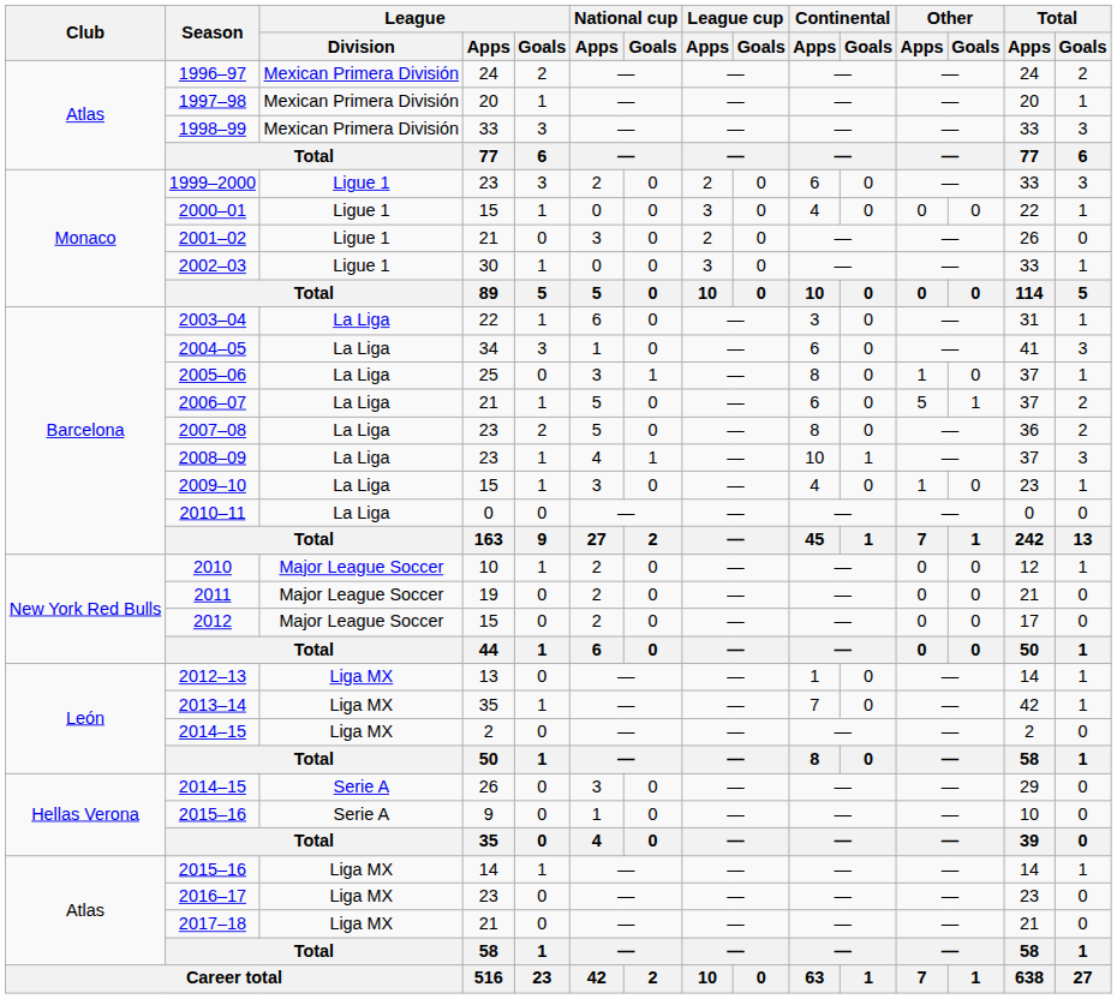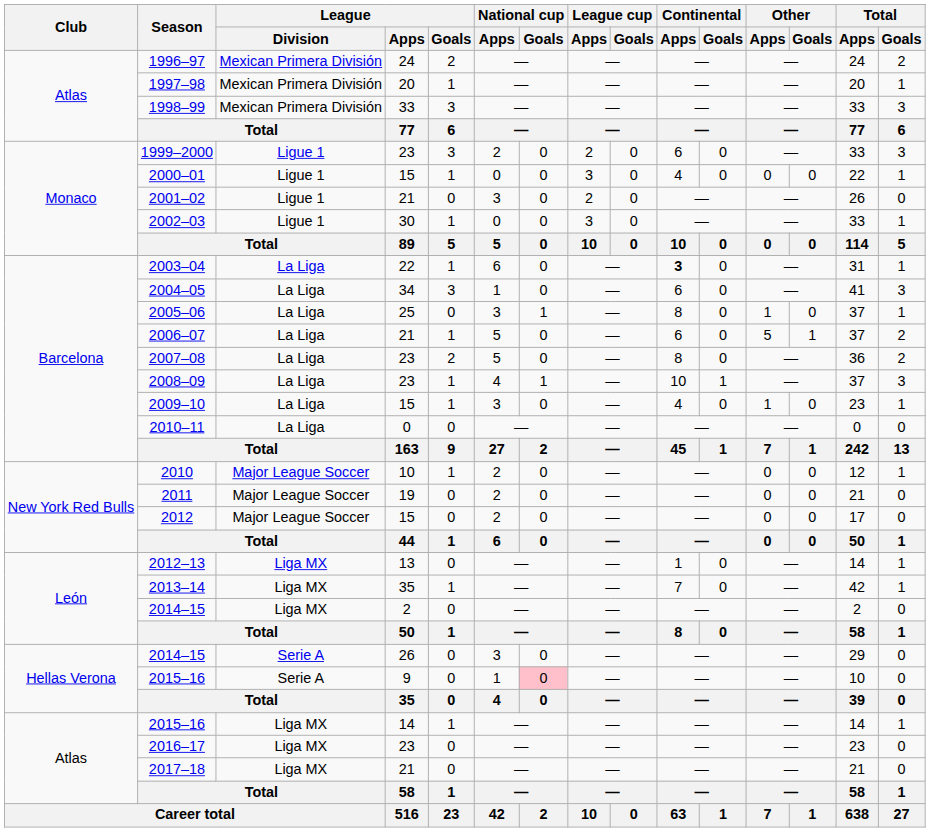 <table class="wikitable" style="text-align:center">
 <tr>
 <th rowspan=2>Club</th>
 <th rowspan=2>Season</th>
 <th colspan=3>League</th>
 <th colspan=2>National cup</th>
 <th colspan=2>League cup</th>
 <th colspan=2>Continental</th>
 <th colspan=2>Other</th>
 <th colspan=2>Total</th>
 </tr>
 <tr>
 <th>Division</th>
 <th>Apps</th>
 <th>Goals</th>
 <th>Apps</th>
 <th>Goals</th>
 <th>Apps</th>
 <th>Goals</th>
 <th>Apps</th>
 <th>Goals</th>
 <th>Apps</th>
 <th>Goals</th>
 <th>Apps</th>
 <th>Goals</th>
 </tr>
 <tr>
 <td rowspan=4><a href='#'>Atlas</a></td>
 <td><a href='#'>1996–97</a></td>
 <td><a href='#'>Mexican Primera División</a></td>
 <td>24</td>
 <td>2</td>
 <td colspan=2>—</td>
 <td colspan=2>—</td>
 <td colspan=2>—</td>
 <td colspan=2>—</td>
 <td>24</td>
 <td>2</td>
 </tr>
 <tr>
 <td><a href='#'>1997–98</a></td>
 <td>Mexican Primera División</td>
 <td>20</td>
 <td>1</td>
 <td colspan=2>—</td>
 <td colspan=2>—</td>
 <td colspan=2>—</td>
 <td colspan=2>—</td>
 <td>20</td>
 <td>1</td>
 </tr>
 <tr>
 <td><a href='#'>1998</a><a href='#'>–99</a></td>
 <td>Mexican Primera División</td>
 <td>33</td>
 <td>3</td>
 <td colspan=2>—</td>
 <td colspan=2>—</td>
 <td colspan=2>—</td>
 <td colspan=2>—</td>
 <td>33</td>
 <td>3</td>
 </tr>
 <tr>
 <th colspan=2>Total</th>
 <th>77</th>
 <th>6</th>
 <th colspan=2>—</th>
 <th colspan=2>—</th>
 <th colspan=2>—</th>
 <th colspan=2>—</th>
 <th>77</th>
 <th>6</th>
 </tr>
 <tr>
 <td rowspan=5><a href='#'>Monaco</a></td>
 <td><a href='#'>1999–2000</a></td>
 <td><a href='#'>Ligue 1</a></td>
 <td>23</td>
 <td>3</td>
 <td>2</td>
 <td>0</td>
 <td>2</td>
 <td>0</td>
 <td>6</td>
 <td>0</td>
 <td colspan=2>—</td>
 <td>33</td>
 <td>3</td>
 </tr>
 <tr>
 <td><a href='#'>2000–01</a></td>
 <td>Ligue 1</td>
 <td>15</td>
 <td>1</td>
 <td>0</td>
 <td>0</td>
 <td>3</td>
 <td>0</td>
 <td>4</td>
 <td>0</td>
 <td>0</td>
 <td>0</td>
 <td>22</td>
 <td>1</td>
 </tr>
 <tr>
 <td><a href='#'>2001–02</a></td>
 <td>Ligue 1</td>
 <td>21</td>
 <td>0</td>
 <td>3</td>
 <td>0</td>
 <td>2</td>
 <td>0</td>
 <td colspan=2>—</td>
 <td colspan=2>—</td>
 <td>26</td>
 <td>0</td>
 </tr>
 <tr>
 <td><a href='#'>2002–03</a></td>
 <td>Ligue 1</td>
 <td>30</td>
 <td>1</td>
 <td>0</td>
 <td>0</td>
 <td>3</td>
 <td>0</td>
 <td colspan=2>—</td>
 <td colspan=2>—</td>
 <td>33</td>
 <td>1</td>
 </tr>
 <tr>
 <th colspan=2>Total</th>
 <th>89</th>
 <th>5</th>
 <th>5</th>
 <th>0</th>
 <th>10</th>
 <th>0</th>
 <th>10</th>
 <th>0</th>
 <th>0</th>
 <th>0</th>
 <th>114</th>
 <th>5</th>
 </tr>
 <tr>
 <td rowspan=9><a href='#'>Barcelona</a></td>
 <td><a href='#'>2003–04</a></td>
 <td><a href='#'>La Liga</a></td>
 <td>22</td>
 <td>1</td>
 <td>6</td>
 <td>0</td>
 <td colspan=2>—</td>
-<td>3</td>
+<td><strong>3</strong></td>
 <td>0</td>
 <td colspan=2>—</td>
 <td>31</td>
 <td>1</td>
 </tr>
 <tr>
 <td><a href='#'>2004–05</a></td>
 <td>La Liga</td>
 <td>34</td>
 <td>3</td>
 <td>1</td>
 <td>0</td>
 <td colspan=2>—</td>
 <td>6</td>
 <td>0</td>
 <td colspan=2>—</td>
 <td>41</td>
 <td>3</td>
 </tr>
 <tr>
 <td><a href='#'>2005–06</a></td>
 <td>La Liga</td>
 <td>25</td>
 <td>0</td>
 <td>3</td>
 <td>1</td>
 <td colspan=2>—</td>
 <td>8</td>
 <td>0</td>
 <td>1</td>
 <td>0</td>
 <td>37</td>
 <td>1</td>
 </tr>
 <tr>
 <td><a href='#'>2006–07</a></td>
 <td>La Liga</td>
 <td>21</td>
 <td>1</td>
 <td>5</td>
 <td>0</td>
 <td colspan=2>—</td>
 <td>6</td>
 <td>0</td>
 <td>5</td>
 <td>1</td>
 <td>37</td>
 <td>2</td>
 </tr>
 <tr>
 <td><a href='#'>2007–08</a></td>
 <td>La Liga</td>
 <td>23</td>
 <td>2</td>
 <td>5</td>
 <td>0</td>
 <td colspan=2>—</td>
 <td>8</td>
 <td>0</td>
 <td colspan=2>—</td>
 <td>36</td>
 <td>2</td>
 </tr>
 <tr>
 <td><a href='#'>2008–09</a></td>
 <td>La Liga</td>
 <td>23</td>
 <td>1</td>
 <td>4</td>
 <td>1</td>
 <td colspan=2>—</td>
 <td>10</td>
 <td>1</td>
 <td colspan=2>—</td>
 <td>37</td>
 <td>3</td>
 </tr>
 <tr>
 <td><a href='#'>2009–10</a></td>
 <td>La Liga</td>
 <td>15</td>
 <td>1</td>
 <td>3</td>
 <td>0</td>
 <td colspan=2>—</td>
 <td>4</td>
 <td>0</td>
 <td>1</td>
 <td>0</td>
 <td>23</td>
 <td>1</td>
 </tr>
 <tr>
 <td><a href='#'>2010–11</a></td>
 <td>La Liga</td>
 <td>0</td>
 <td>0</td>
 <td colspan=2>—</td>
 <td colspan=2>—</td>
 <td colspan=2>—</td>
 <td colspan=2>—</td>
 <td>0</td>
 <td>0</td>
 </tr>
 <tr>
 <th colspan=2>Total</th>
 <th>163</th>
 <th>9</th>
 <th>27</th>
 <th>2</th>
 <th colspan=2>—</th>
 <th>45</th>
 <th>1</th>
 <th>7</th>
 <th>1</th>
 <th>242</th>
 <th>13</th>
 </tr>
 <tr>
 <td rowspan=4><a href='#'>New York Red Bulls</a></td>
 <td><a href='#'>2010</a></td>
 <td><a href='#'>Major League Soccer</a></td>
 <td>10</td>
 <td>1</td>
 <td>2</td>
 <td>0</td>
 <td colspan=2>—</td>
 <td colspan=2>—</td>
 <td>0</td>
 <td>0</td>
 <td>12</td>
 <td>1</td>
 </tr>
 <tr>
 <td><a href='#'>2011</a></td>
 <td>Major League Soccer</td>
 <td>19</td>
 <td>0</td>
 <td>2</td>
 <td>0</td>
 <td colspan=2>—</td>
 <td colspan=2>—</td>
 <td>0</td>
 <td>0</td>
 <td>21</td>
 <td>0</td>
 </tr>
 <tr>
 <td><a href='#'>2012</a></td>
 <td>Major League Soccer</td>
 <td>15</td>
 <td>0</td>
 <td>2</td>
 <td>0</td>
 <td colspan=2>—</td>
 <td colspan=2>—</td>
 <td>0</td>
 <td>0</td>
 <td>17</td>
 <td>0</td>
 </tr>
 <tr>
 <th colspan=2>Total</th>
 <th>44</th>
 <th>1</th>
 <th>6</th>
 <th>0</th>
 <th colspan=2>—</th>
 <th colspan=2>—</th>
 <th>0</th>
 <th>0</th>
 <th>50</th>
 <th>1</th>
 </tr>
 <tr>
 <td rowspan=4><a href='#'>León</a></td>
 <td><a href='#'>2012–13</a></td>
 <td><a href='#'>Liga MX</a></td>
 <td>13</td>
 <td>0</td>
 <td colspan=2>—</td>
 <td colspan=2>—</td>
 <td>1</td>
 <td>0</td>
 <td colspan=2>—</td>
 <td>14</td>
 <td>1</td>
 </tr>
 <tr>
 <td><a href='#'>2013–14</a></td>
 <td>Liga MX</td>
 <td>35</td>
 <td>1</td>
 <td colspan=2>—</td>
 <td colspan=2>—</td>
 <td>7</td>
 <td>0</td>
 <td colspan=2>—</td>
 <td>42</td>
 <td>1</td>
 </tr>
 <tr>
 <td><a href='#'>2014–15</a></td>
 <td>Liga MX</td>
 <td>2</td>
 <td>0</td>
 <td colspan=2>—</td>
 <td colspan=2>—</td>
 <td colspan=2>—</td>
 <td colspan=2>—</td>
 <td>2</td>
 <td>0</td>
 </tr>
 <tr>
 <th colspan=2>Total</th>
 <th>50</th>
 <th>1</th>
 <th colspan=2>—</th>
 <th colspan=2>—</th>
 <th>8</th>
 <th>0</th>
 <th colspan=2>—</th>
 <th>58</th>
 <th>1</th>
 </tr>
 <tr>
 <td rowspan=3><a href='#'>Hellas Verona</a></td>
 <td><a href='#'>2014–15</a></td>
 <td><a href='#'>Serie A</a></td>
 <td>26</td>
 <td>0</td>
 <td>3</td>
 <td>0</td>
 <td colspan=2>—</td>
 <td colspan=2>—</td>
 <td colspan=2>—</td>
 <td>29</td>
 <td>0</td>
 </tr>
 <tr>
 <td><a href='#'>2015–16</a></td>
 <td>Serie A</td>
 <td>9</td>
 <td>0</td>
 <td>1</td>
-<td>0</td>
+<td style="background: pink;">0</td>
 <td colspan=2>—</td>
 <td colspan=2>—</td>
 <td colspan=2>—</td>
 <td>10</td>
 <td>0</td>
 </tr>
 <tr>
 <th colspan=2>Total</th>
 <th>35</th>
 <th>0</th>
 <th>4</th>
 <th>0</th>
 <th colspan=2>—</th>
 <th colspan=2>—</th>
 <th colspan=2>—</th>
 <th>39</th>
 <th>0</th>
 </tr>
 <tr>
 <td rowspan=4>Atlas</td>
 <td><a href='#'>2015–16</a></td>
 <td>Liga MX</td>
 <td>14</td>
 <td>1</td>
 <td colspan=2>—</td>
 <td colspan=2>—</td>
 <td colspan=2>—</td>
 <td colspan=2>—</td>
 <td>14</td>
 <td>1</td>
 </tr>
 <tr>
 <td><a href='#'>2016–17</a></td>
 <td>Liga MX</td>
 <td>23</td>
 <td>0</td>
 <td colspan=2>—</td>
 <td colspan=2>—</td>
 <td colspan=2>—</td>
 <td colspan=2>—</td>
 <td>23</td>
 <td>0</td>
 </tr>
 <tr>
 <td><a href='#'>2017–18</a></td>
 <td>Liga MX</td>
 <td>21</td>
 <td>0</td>
 <td colspan=2>—</td>
 <td colspan=2>—</td>
 <td colspan=2>—</td>
 <td colspan=2>—</td>
 <td>21</td>
 <td>0</td>
 </tr>
 <tr>
 <th colspan=2>Total</th>
 <th>58</th>
 <th>1</th>
 <th colspan=2>—</th>
 <th colspan=2>—</th>
 <th colspan=2>—</th>
 <th colspan=2>—</th>
 <th>58</th>
 <th>1</th>
 </tr>
 <tr>
 <th colspan=3>Career total</th>
 <th>516</th>
 <th>23</th>
 <th>42</th>
 <th>2</th>
 <th>10</th>
 <th>0</th>
 <th>63</th>
 <th>1</th>
 <th>7</th>
 <th>1</th>
 <th>638</th>
 <th>27</th>
 </tr>
 </table>
